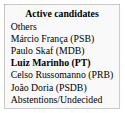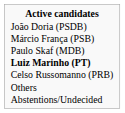 <table style="float; margin-left: 1em; margin-bottom: 0.5em" class="infobox">
 <tr>
 <td style="text-align: center"><span><strong>Active candidates</strong></span></td>
 </tr>
 <tr>
-<td style="padding: 0 5px;"> Others</td>
+<td style="padding: 0 5px;"> João Doria (PSDB)</td>
 </tr>
 <tr>
 <td style="padding: 0 5px;"> Márcio França (PSB)</td>
 </tr>
 <tr>
 <td style="padding: 0 5px;"> Paulo Skaf (MDB)</td>
 </tr>
 <tr>
 <td style="padding: 0 5px;"><strong> Luiz Marinho (PT)</strong></td>
 </tr>
 <tr>
 <td style="padding: 0 5px;"> Celso Russomanno (PRB)</td>
 </tr>
 <tr>
-<td style="padding: 0 5px;"> João Doria (PSDB)</td>
+<td style="padding: 0 5px;"> Others</td>
 </tr>
 <tr>
 <td style="padding: 0 5px;"> Abstentions/Undecided</td>
 </tr>
 </table>
